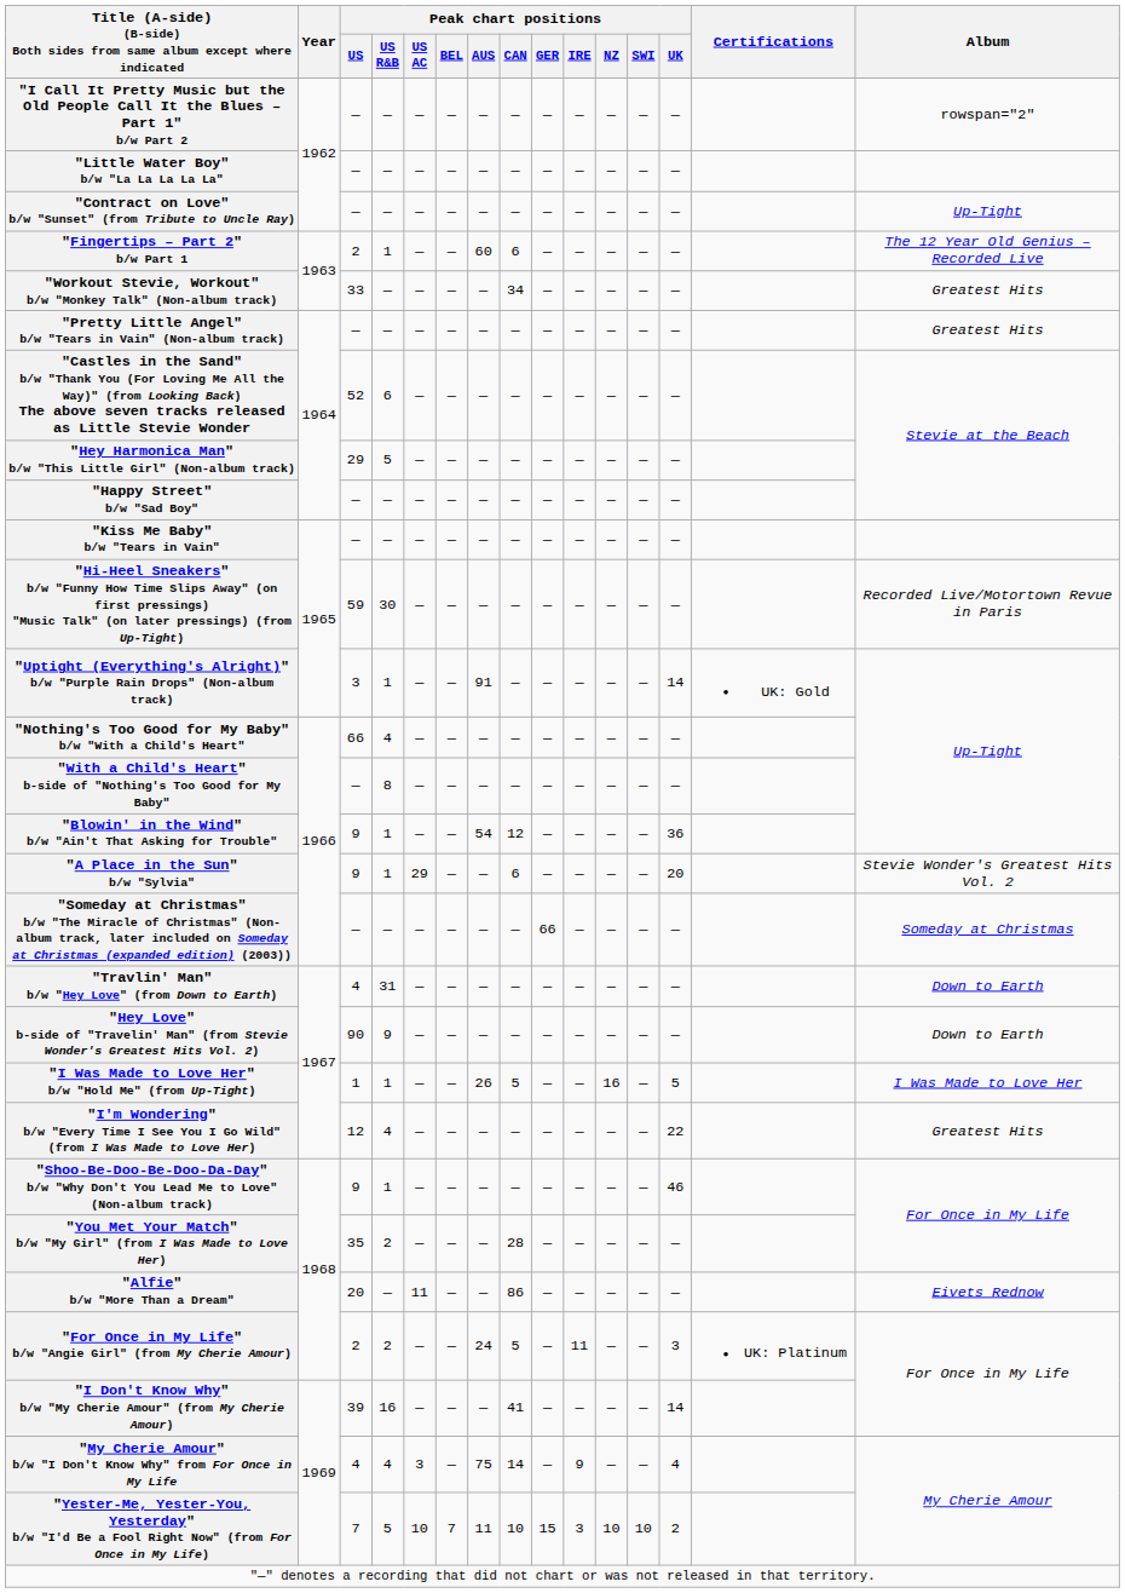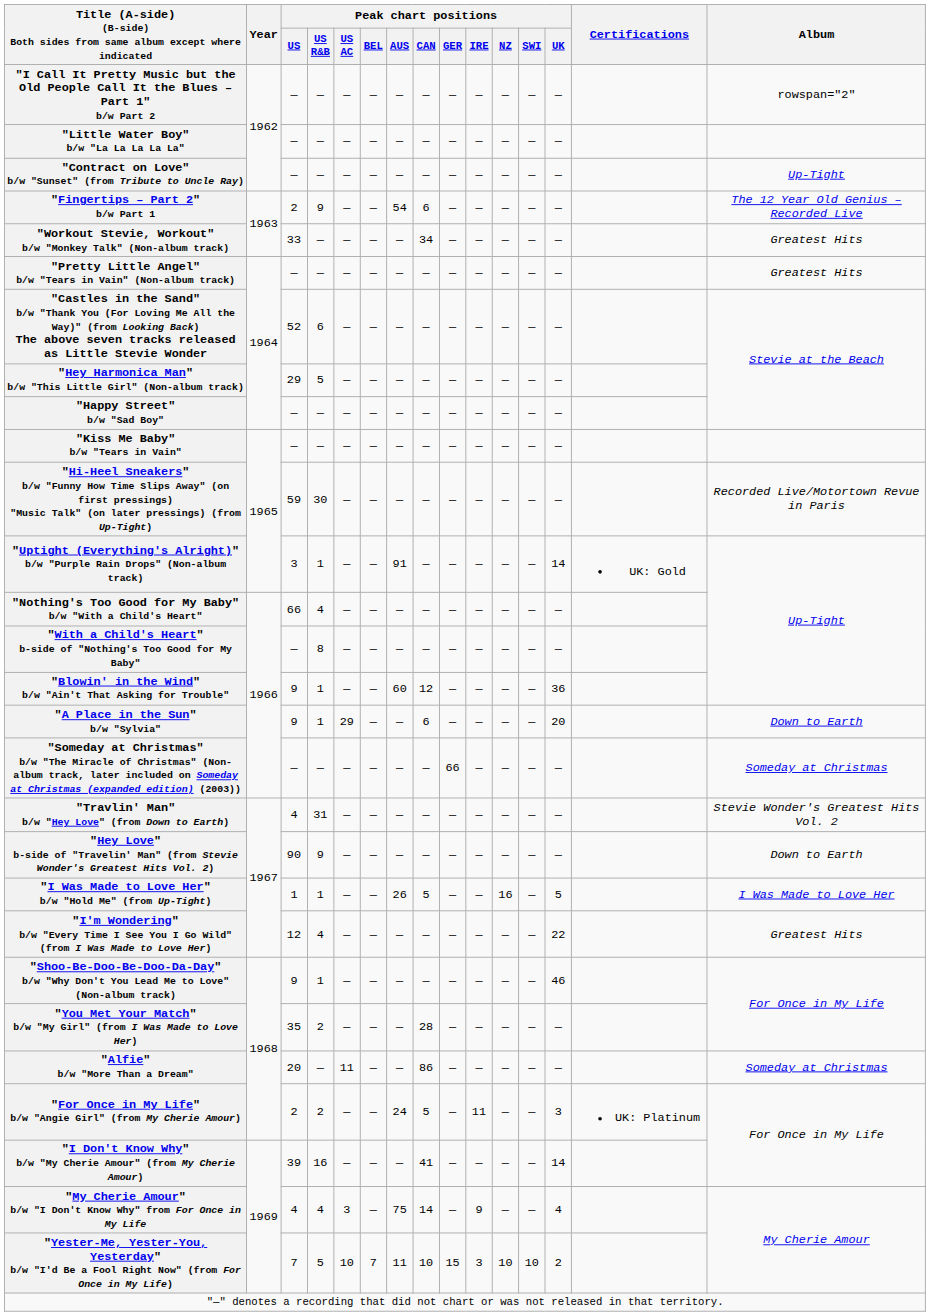 <table class="wikitable plainrowheaders" style="text-align:center;">
 <tr>
 <th scope="col" rowspan="2" style="width:20em;">Title (A-side)<br><small>(B-side)<br>Both sides from same album except where indicated</small></th>
 <th scope="col" rowspan="2">Year</th>
 <th colspan="11" scope="col">Peak chart positions</th>
 <th scope="col" rowspan="2" style="width:11em;"><a href='#'>Certifications</a></th>
 <th scope="col" rowspan="2" style="width:18em;">Album</th>
 </tr>
 <tr>
 <th scope="col" style="width:2em;font-size:90%"><a href='#'>US</a><br></th>
 <th scope="col" style="width:2em;font-size:90%"><a href='#'>US<br>R&B</a><br></th>
 <th scope="col" style="width:2em;font-size:90%"><a href='#'>US<br>AC</a><br></th>
 <th scope="col" style="width:2em;font-size:90%"><a href='#'>BEL</a><br></th>
 <th scope="col" style="width:2em;font-size:90%"><a href='#'>AUS</a></th>
 <th scope="col" style="width:2em;font-size:90%"><a href='#'>CAN</a><br></th>
 <th scope="col" style="width:2em;font-size:90%"><a href='#'>GER</a><br></th>
 <th scope="col" style="width:2em;font-size:90%"><a href='#'>IRE</a><br></th>
 <th scope="col" style="width:2em;font-size:90%"><a href='#'>NZ</a><br></th>
 <th scope="col" style="width:2em;font-size:90%"><a href='#'>SWI</a><br></th>
 <th scope="col" style="width:2em;font-size:90%"><a href='#'>UK</a><br></th>
 </tr>
 <tr>
 <th scope="row">"I Call It Pretty Music but the Old People Call It the Blues – Part 1" <br><small>b/w Part 2</small></th>
 <td rowspan="3">1962</td>
 <td align="center">—</td>
 <td align="center">—</td>
 <td align="center">—</td>
 <td align="center">—</td>
 <td align="center">—</td>
 <td align="center">—</td>
 <td align="center">—</td>
 <td align="center">—</td>
 <td align="center">—</td>
 <td align="center">—</td>
 <td align="center">—</td>
 <td></td>
 <td>rowspan="2" </td>
 </tr>
 <tr>
 <th scope="row">"Little Water Boy"<br><small>b/w "La La La La La" </small></th>
 <td align="center">—</td>
 <td align="center">—</td>
 <td align="center">—</td>
 <td align="center">—</td>
 <td align="center">—</td>
 <td align="center">—</td>
 <td align="center">—</td>
 <td align="center">—</td>
 <td align="center">—</td>
 <td align="center">—</td>
 <td align="center">—</td>
 <td></td>
 </tr>
 <tr>
 <th scope="row">"Contract on Love"<br><small>b/w "Sunset" (from <em>Tribute to Uncle Ray</em>)</small></th>
 <td align="center">—</td>
 <td align="center">—</td>
 <td align="center">—</td>
 <td align="center">—</td>
 <td align="center">—</td>
 <td align="center">—</td>
 <td align="center">—</td>
 <td align="center">—</td>
 <td align="center">—</td>
 <td align="center">—</td>
 <td align="center">—</td>
 <td></td>
 <td><em><a href='#'>Up-Tight</a></em></td>
 </tr>
 <tr>
 <th scope="row">"<a href='#'>Fingertips – Part 2</a>" <br><small>b/w Part 1 </small></th>
 <td rowspan="2">1963</td>
 <td align="center">2</td>
-<td align="center">1</td>
+<td align="center">9</td>
 <td align="center">—</td>
 <td align="center">—</td>
-<td align="center">60</td>
+<td align="center">54</td>
 <td align="center">6</td>
 <td align="center">—</td>
 <td align="center">—</td>
 <td align="center">—</td>
 <td align="center">—</td>
 <td align="center">—</td>
 <td></td>
 <td><em><a href='#'>The 12 Year Old Genius – Recorded Live</a></em></td>
 </tr>
 <tr>
 <th scope="row">"Workout Stevie, Workout"<br><small>b/w "Monkey Talk" (Non-album track)</small></th>
 <td align="center">33</td>
 <td align="center">—</td>
 <td align="center">—</td>
 <td align="center">—</td>
 <td align="center">—</td>
 <td align="center">34</td>
 <td align="center">—</td>
 <td align="center">—</td>
 <td align="center">—</td>
 <td align="center">—</td>
 <td align="center">—</td>
 <td></td>
 <td><em>Greatest Hits</em></td>
 </tr>
 <tr>
 <th scope="row">"Pretty Little Angel"<br><small>b/w "Tears in Vain" (Non-album track)</small></th>
 <td rowspan="4">1964</td>
 <td align="center">—</td>
 <td align="center">—</td>
 <td align="center">—</td>
 <td align="center">—</td>
 <td align="center">—</td>
 <td align="center">—</td>
 <td align="center">—</td>
 <td align="center">—</td>
 <td align="center">—</td>
 <td align="center">—</td>
 <td align="center">—</td>
 <td></td>
 <td><em>Greatest Hits</em></td>
 </tr>
 <tr>
 <th scope="row">"Castles in the Sand"<br><small>b/w "Thank You (For Loving Me All the Way)" (from <em>Looking Back</em>)</small><br>The above seven tracks released as Little Stevie Wonder</th>
 <td align="center">52</td>
 <td align="center">6</td>
 <td align="center">—</td>
 <td align="center">—</td>
 <td align="center">—</td>
 <td align="center">—</td>
 <td align="center">—</td>
 <td align="center">—</td>
 <td align="center">—</td>
 <td align="center">—</td>
 <td align="center">—</td>
 <td></td>
 <td rowspan="3"><em><a href='#'>Stevie at the Beach</a></em></td>
 </tr>
 <tr>
 <th scope="row">"<a href='#'>Hey Harmonica Man</a>"<br><small>b/w "This Little Girl" (Non-album track)</small></th>
 <td align="center">29</td>
 <td align="center">5</td>
 <td align="center">—</td>
 <td align="center">—</td>
 <td align="center">—</td>
 <td align="center">—</td>
 <td align="center">—</td>
 <td align="center">—</td>
 <td align="center">—</td>
 <td align="center">—</td>
 <td align="center">—</td>
 <td></td>
 </tr>
 <tr>
 <th scope="row">"Happy Street"<br><small>b/w "Sad Boy"</small></th>
 <td align="center">—</td>
 <td align="center">—</td>
 <td align="center">—</td>
 <td align="center">—</td>
 <td align="center">—</td>
 <td align="center">—</td>
 <td align="center">—</td>
 <td align="center">—</td>
 <td align="center">—</td>
 <td align="center">—</td>
 <td align="center">—</td>
 <td></td>
 </tr>
 <tr>
 <th scope="row">"Kiss Me Baby"<br><small>b/w "Tears in Vain" </small></th>
 <td rowspan="3">1965</td>
 <td align="center">—</td>
 <td align="center">—</td>
 <td align="center">—</td>
 <td align="center">—</td>
 <td align="center">—</td>
 <td align="center">—</td>
 <td align="center">—</td>
 <td align="center">—</td>
 <td align="center">—</td>
 <td align="center">—</td>
 <td align="center">—</td>
 <td></td>
 <td></td>
 </tr>
 <tr>
 <th scope="row">"<a href='#'>Hi-Heel Sneakers</a>"<br><small>b/w "Funny How Time Slips Away" (on first pressings) <br>"Music Talk" (on later pressings) (from <em>Up-Tight</em>) </small></th>
 <td align="center">59</td>
 <td align="center">30</td>
 <td align="center">—</td>
 <td align="center">—</td>
 <td align="center">—</td>
 <td align="center">—</td>
 <td align="center">—</td>
 <td align="center">—</td>
 <td align="center">—</td>
 <td align="center">—</td>
 <td align="center">—</td>
 <td></td>
 <td><em>Recorded Live/Motortown Revue in Paris</em></td>
 </tr>
 <tr>
 <th scope="row">"<a href='#'>Uptight (Everything's Alright)</a>"<br><small>b/w "Purple Rain Drops" (Non-album track)</small></th>
 <td align="center">3</td>
 <td align="center">1</td>
 <td align="center">—</td>
 <td align="center">—</td>
 <td align="center">91</td>
 <td align="center">—</td>
 <td align="center">—</td>
 <td align="center">—</td>
 <td align="center">—</td>
 <td align="center">—</td>
 <td align="center">14</td>
 <td><br><ul><li>UK: Gold</li></ul></td>
 <td rowspan="4"><em><a href='#'>Up-Tight</a></em></td>
 </tr>
 <tr>
 <th scope="row">"Nothing's Too Good for My Baby" <br><small>b/w "With a Child's Heart"</small></th>
 <td rowspan="5">1966</td>
 <td align="center">66</td>
 <td align="center">4</td>
 <td align="center">—</td>
 <td align="center">—</td>
 <td align="center">—</td>
 <td align="center">—</td>
 <td align="center">—</td>
 <td align="center">—</td>
 <td align="center">—</td>
 <td align="center">—</td>
 <td align="center">—</td>
 <td></td>
 </tr>
 <tr>
 <th scope="row">"<a href='#'>With a Child's Heart</a>" <br><small>b-side of "Nothing's Too Good for My Baby" </small></th>
 <td align="center">—</td>
 <td align="center">8</td>
 <td align="center">—</td>
 <td align="center">—</td>
 <td align="center">—</td>
 <td align="center">—</td>
 <td align="center">—</td>
 <td align="center">—</td>
 <td align="center">—</td>
 <td align="center">—</td>
 <td align="center">—</td>
 <td></td>
 </tr>
 <tr>
 <th scope="row">"<a href='#'>Blowin' in the Wind</a>"<br><small>b/w "Ain't That Asking for Trouble"</small></th>
 <td align="center">9</td>
 <td align="center">1</td>
 <td align="center">—</td>
 <td align="center">—</td>
-<td align="center">54</td>
+<td align="center">60</td>
 <td align="center">12</td>
 <td align="center">—</td>
 <td align="center">—</td>
 <td align="center">—</td>
 <td align="center">—</td>
 <td align="center">36</td>
 <td></td>
 </tr>
 <tr>
 <th scope="row">"<a href='#'>A Place in the Sun</a>"<br><small>b/w "Sylvia"</small></th>
 <td align="center">9</td>
 <td align="center">1</td>
 <td align="center">29</td>
 <td align="center">—</td>
 <td align="center">—</td>
 <td align="center">6</td>
 <td align="center">—</td>
 <td align="center">—</td>
 <td align="center">—</td>
 <td align="center">—</td>
 <td align="center">20</td>
 <td></td>
-<td><em>Stevie Wonder's Greatest Hits Vol. 2</em></td>
+<td><em><a href='#'>Down to Earth</a></em></td>
 </tr>
 <tr>
 <th scope="row">"Someday at Christmas"<br><small>b/w "The Miracle of Christmas" (Non-album track, later included on <em><a href='#'>Someday at Christmas (expanded edition)</a></em> (2003))</small></th>
 <td align="center">—</td>
 <td align="center">—</td>
 <td align="center">—</td>
 <td align="center">—</td>
 <td align="center">—</td>
 <td align="center">—</td>
 <td align="center">66</td>
 <td align="center">—</td>
 <td align="center">—</td>
 <td align="center">—</td>
 <td align="center">—</td>
 <td></td>
 <td><em><a href='#'>Someday at Christmas</a></em></td>
 </tr>
 <tr>
 <th scope="row">"Travlin' Man" <br><small>b/w "<a href='#'>Hey Love</a>" (from <em>Down to Earth</em>)</small></th>
 <td rowspan="4">1967</td>
 <td align="center">4</td>
 <td align="center">31</td>
 <td align="center">—</td>
 <td align="center">—</td>
 <td align="center">—</td>
 <td align="center">—</td>
 <td align="center">—</td>
 <td align="center">—</td>
 <td align="center">—</td>
 <td align="center">—</td>
 <td align="center">—</td>
 <td></td>
-<td><em><a href='#'>Down to Earth</a></em></td>
+<td><em>Stevie Wonder's Greatest Hits Vol. 2</em></td>
 </tr>
 <tr>
 <th scope="row">"<a href='#'>Hey Love</a>" <br><small>b-side of "Travelin' Man" (from <em>Stevie Wonder's Greatest Hits Vol. 2</em>)</small></th>
 <td align="center">90</td>
 <td align="center">9</td>
 <td align="center">—</td>
 <td align="center">—</td>
 <td align="center">—</td>
 <td align="center">—</td>
 <td align="center">—</td>
 <td align="center">—</td>
 <td align="center">—</td>
 <td align="center">—</td>
 <td align="center">—</td>
 <td></td>
 <td><em>Down to Earth</em></td>
 </tr>
 <tr>
 <th scope="row">"<a href='#'>I Was Made to Love Her</a>"<br><small>b/w "Hold Me" (from <em>Up-Tight</em>)</small></th>
 <td align="center">1</td>
 <td align="center">1</td>
 <td align="center">—</td>
 <td align="center">—</td>
 <td align="center">26</td>
 <td align="center">5</td>
 <td align="center">—</td>
 <td align="center">—</td>
 <td align="center">16</td>
 <td align="center">—</td>
 <td align="center">5</td>
 <td></td>
 <td><em><a href='#'>I Was Made to Love Her</a></em></td>
 </tr>
 <tr>
 <th scope="row">"<a href='#'>I'm Wondering</a>"<br><small>b/w "Every Time I See You I Go Wild" (from <em>I Was Made to Love Her</em>)</small></th>
 <td align="center">12</td>
 <td align="center">4</td>
 <td align="center">—</td>
 <td align="center">—</td>
 <td align="center">—</td>
 <td align="center">—</td>
 <td align="center">—</td>
 <td align="center">—</td>
 <td align="center">—</td>
 <td align="center">—</td>
 <td align="center">22</td>
 <td></td>
 <td><em>Greatest Hits</em></td>
 </tr>
 <tr>
 <th scope="row">"<a href='#'>Shoo-Be-Doo-Be-Doo-Da-Day</a>"<br><small>b/w "Why Don't You Lead Me to Love" (Non-album track) </small></th>
 <td rowspan="4">1968</td>
 <td align="center">9</td>
 <td align="center">1</td>
 <td align="center">—</td>
 <td align="center">—</td>
 <td align="center">—</td>
 <td align="center">—</td>
 <td align="center">—</td>
 <td align="center">—</td>
 <td align="center">—</td>
 <td align="center">—</td>
 <td align="center">46</td>
 <td></td>
 <td rowspan="2"><em><a href='#'>For Once in My Life</a></em></td>
 </tr>
 <tr>
 <th scope="row">"<a href='#'>You Met Your Match</a>"<br><small>b/w "My Girl" (from <em>I Was Made to Love Her</em>)</small></th>
 <td align="center">35</td>
 <td align="center">2</td>
 <td align="center">—</td>
 <td align="center">—</td>
 <td align="center">—</td>
 <td align="center">28</td>
 <td align="center">—</td>
 <td align="center">—</td>
 <td align="center">—</td>
 <td align="center">—</td>
 <td align="center">—</td>
 <td></td>
 </tr>
 <tr>
 <th scope="row">"<a href='#'>Alfie</a>"<br><small>b/w "More Than a Dream"</small></th>
 <td align="center">20</td>
 <td align="center">—</td>
 <td align="center">11</td>
 <td align="center">—</td>
 <td align="center">—</td>
 <td align="center">86</td>
 <td align="center">—</td>
 <td align="center">—</td>
 <td align="center">—</td>
 <td align="center">—</td>
 <td align="center">—</td>
 <td></td>
-<td><em><a href='#'>Eivets Rednow</a></em></td>
+<td><em><a href='#'>Someday at Christmas</a></em></td>
 </tr>
 <tr>
 <th scope="row">"<a href='#'>For Once in My Life</a>"<br><small>b/w "Angie Girl" (from <em>My Cherie Amour</em>)</small></th>
 <td align="center">2</td>
 <td align="center">2</td>
 <td align="center">—</td>
 <td align="center">—</td>
 <td align="center">24</td>
 <td align="center">5</td>
 <td align="center">—</td>
 <td align="center">11</td>
 <td align="center">—</td>
 <td align="center">—</td>
 <td align="center">3</td>
 <td><br><ul><li>UK: Platinum</li></ul></td>
 <td rowspan="2"><em>For Once in My Life</em></td>
 </tr>
 <tr>
 <th scope="row">"<a href='#'>I Don't Know Why</a>" <br><small>b/w "My Cherie Amour" (from <em>My Cherie Amour</em>)</small></th>
 <td rowspan="3">1969</td>
 <td align="center">39</td>
 <td align="center">16</td>
 <td align="center">—</td>
 <td align="center">—</td>
 <td align="center">—</td>
 <td align="center">41</td>
 <td align="center">—</td>
 <td align="center">—</td>
 <td align="center">—</td>
 <td align="center">—</td>
 <td align="center">14</td>
 <td></td>
 </tr>
 <tr>
 <th scope="row">"<a href='#'>My Cherie Amour</a>" <br><small>b/w "I Don't Know Why" from <em>For Once in My Life</em></small></th>
 <td align="center">4</td>
 <td align="center">4</td>
 <td align="center">3</td>
 <td align="center">—</td>
 <td align="center">75</td>
 <td align="center">14</td>
 <td align="center">—</td>
 <td align="center">9</td>
 <td align="center">—</td>
 <td align="center">—</td>
 <td align="center">4</td>
 <td></td>
 <td rowspan="2"><em><a href='#'>My Cherie Amour</a></em></td>
 </tr>
 <tr>
 <th scope="row">"<a href='#'>Yester-Me, Yester-You, Yesterday</a>"<br><small>b/w "I'd Be a Fool Right Now" (from <em>For Once in My Life</em>)</small></th>
 <td align="center">7</td>
 <td align="center">5</td>
 <td align="center">10</td>
 <td align="center">7</td>
 <td align="center">11</td>
 <td align="center">10</td>
 <td align="center">15</td>
 <td align="center">3</td>
 <td align="center">10</td>
 <td align="center">10</td>
 <td align="center">2</td>
 <td></td>
 </tr>
 <tr>
 <td colspan="17" style="font-size:90%">"—" denotes a recording that did not chart or was not released in that territory.</td>
 </tr>
 </table>
